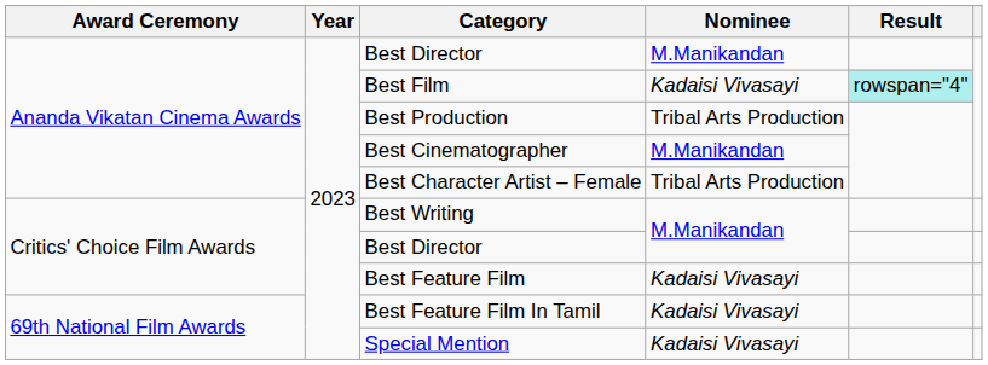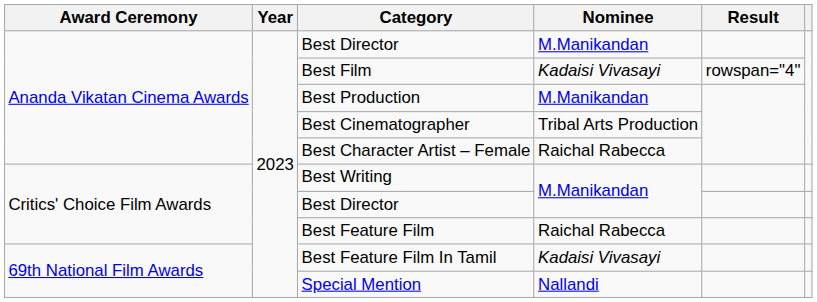 <table class="wikitable">
 <tr>
 <th scope="col">Award Ceremony</th>
 <th scope="col">Year</th>
 <th scope="col">Category</th>
 <th scope="col">Nominee</th>
 <th scope="col">Result</th>
 <th scope="col" class="unsortable"></th>
 </tr>
 <tr>
 <td rowspan="5"><a href='#'>Ananda Vikatan Cinema Awards</a></td>
 <td rowspan="10">2023</td>
 <td>Best Director</td>
 <td><a href='#'>M.Manikandan</a></td>
 <td></td>
 <td rowspan="5"></td>
 </tr>
 <tr>
 <td>Best Film</td>
 <td><em>Kadaisi Vivasayi</em></td>
-<td style="background: paleturquoise;">rowspan="4" </td>
+<td>rowspan="4" </td>
 </tr>
 <tr>
 <td>Best Production</td>
+<td><a href='#'>M.Manikandan</a></td>
+</tr>
+<tr>
+<td>Best Cinematographer</td>
 <td>Tribal Arts Production</td>
 </tr>
 <tr>
-<td>Best Cinematographer</td>
-<td><a href='#'>M.Manikandan</a></td>
-</tr>
-<tr>
 <td>Best Character Artist – Female</td>
-<td>Tribal Arts Production</td>
+<td>Raichal Rabecca</td>
 </tr>
 <tr>
 <td rowspan="3">Critics' Choice Film Awards</td>
 <td>Best Writing</td>
 <td rowspan="2"><a href='#'>M.Manikandan</a></td>
 <td></td>
 <td></td>
 </tr>
 <tr>
 <td>Best Director</td>
 <td></td>
 <td></td>
 </tr>
 <tr>
 <td>Best Feature Film</td>
-<td><em>Kadaisi Vivasayi</em></td>
+<td>Raichal Rabecca</td>
 <td></td>
 <td></td>
 </tr>
 <tr>
 <td rowspan="2"><a href='#'>69th National Film Awards</a></td>
 <td>Best Feature Film In Tamil</td>
 <td><em>Kadaisi Vivasayi</em></td>
 <td></td>
 <td></td>
 </tr>
 <tr>
 <td><a href='#'>Special Mention</a></td>
-<td><em>Kadaisi Vivasayi</em></td>
+<td><a href='#'>Nallandi</a></td>
 <td></td>
 <td></td>
 </tr>
 </table>
